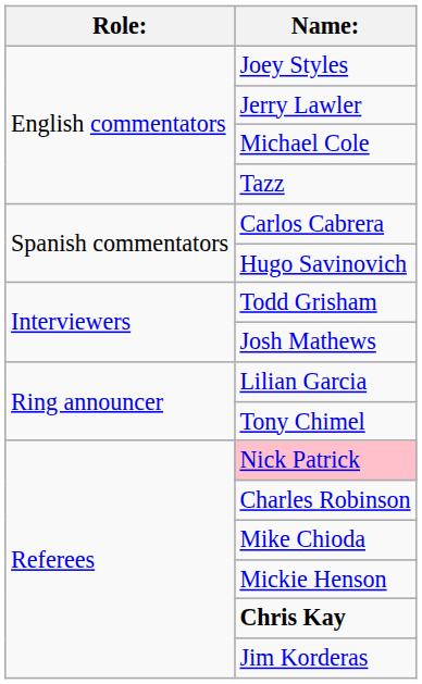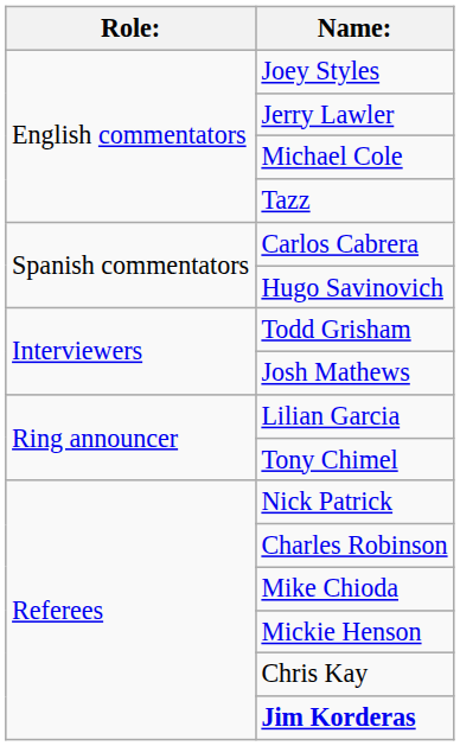 <table class=wikitable style="font-size:90%; margin: 0.5em 0 0.5em 1em; float: right; clear: right;">
 <tr>
 <th>Role:</th>
 <th>Name:</th>
 </tr>
 <tr>
 <td rowspan=4>English <a href='#'>commentators</a></td>
 <td><a href='#'>Joey Styles</a> </td>
 </tr>
 <tr>
 <td><a href='#'>Jerry Lawler</a> </td>
 </tr>
 <tr>
 <td><a href='#'>Michael Cole</a> </td>
 </tr>
 <tr>
 <td><a href='#'>Tazz</a> </td>
 </tr>
 <tr>
 <td rowspan=2>Spanish commentators</td>
 <td><a href='#'>Carlos Cabrera</a></td>
 </tr>
 <tr>
 <td><a href='#'>Hugo Savinovich</a></td>
 </tr>
 <tr>
 <td rowspan=2><a href='#'>Interviewers</a></td>
 <td><a href='#'>Todd Grisham</a></td>
 </tr>
 <tr>
 <td><a href='#'>Josh Mathews</a></td>
 </tr>
 <tr>
 <td rowspan=2><a href='#'>Ring announcer</a></td>
 <td><a href='#'>Lilian Garcia</a> </td>
 </tr>
 <tr>
 <td><a href='#'>Tony Chimel</a> </td>
 </tr>
 <tr>
 <td rowspan=6><a href='#'>Referees</a></td>
-<td style="background: pink;"><a href='#'>Nick Patrick</a></td>
+<td><a href='#'>Nick Patrick</a></td>
 </tr>
 <tr>
 <td><a href='#'>Charles Robinson</a></td>
 </tr>
 <tr>
 <td><a href='#'>Mike Chioda</a></td>
 </tr>
 <tr>
 <td><a href='#'>Mickie Henson</a></td>
 </tr>
 <tr>
-<td><strong>Chris Kay</strong></td>
+<td>Chris Kay</td>
 </tr>
 <tr>
-<td><a href='#'>Jim Korderas</a></td>
+<td><strong><a href='#'>Jim Korderas</a></strong></td>
 </tr>
 </table>
